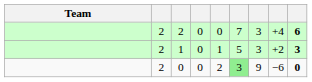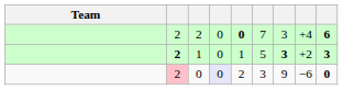 <table class="wikitable" style="text-align: center;">
 <tr>
 <th width=200>Team</th>
 <th width=20></th>
 <th width=20></th>
 <th width=20></th>
 <th width=20></th>
 <th width=20></th>
 <th width=20></th>
 <th width=20></th>
 <th width=20></th>
 </tr>
 <tr bgcolor=#ccffcc>
 <td align=left></td>
 <td>2</td>
 <td>2</td>
 <td>0</td>
-<td>0</td>
+<td><strong>0</strong></td>
 <td>7</td>
 <td>3</td>
 <td>+4</td>
 <td><strong>6</strong></td>
 </tr>
 <tr bgcolor=#ccffcc>
 <td align=left></td>
-<td>2</td>
+<td><strong>2</strong></td>
 <td>1</td>
 <td>0</td>
 <td>1</td>
 <td>5</td>
-<td>3</td>
+<td><strong>3</strong></td>
 <td>+2</td>
 <td><strong>3</strong></td>
 </tr>
 <tr>
 <td align=left></td>
+<td style="background: pink;">2</td>
+<td>0</td>
+<td style="background: lavender;">0</td>
 <td>2</td>
-<td>0</td>
-<td>0</td>
-<td>2</td>
-<td style="background: lightgreen;">3</td>
+<td>3</td>
 <td>9</td>
 <td>−6</td>
 <td><strong>0</strong></td>
 </tr>
 </table>
